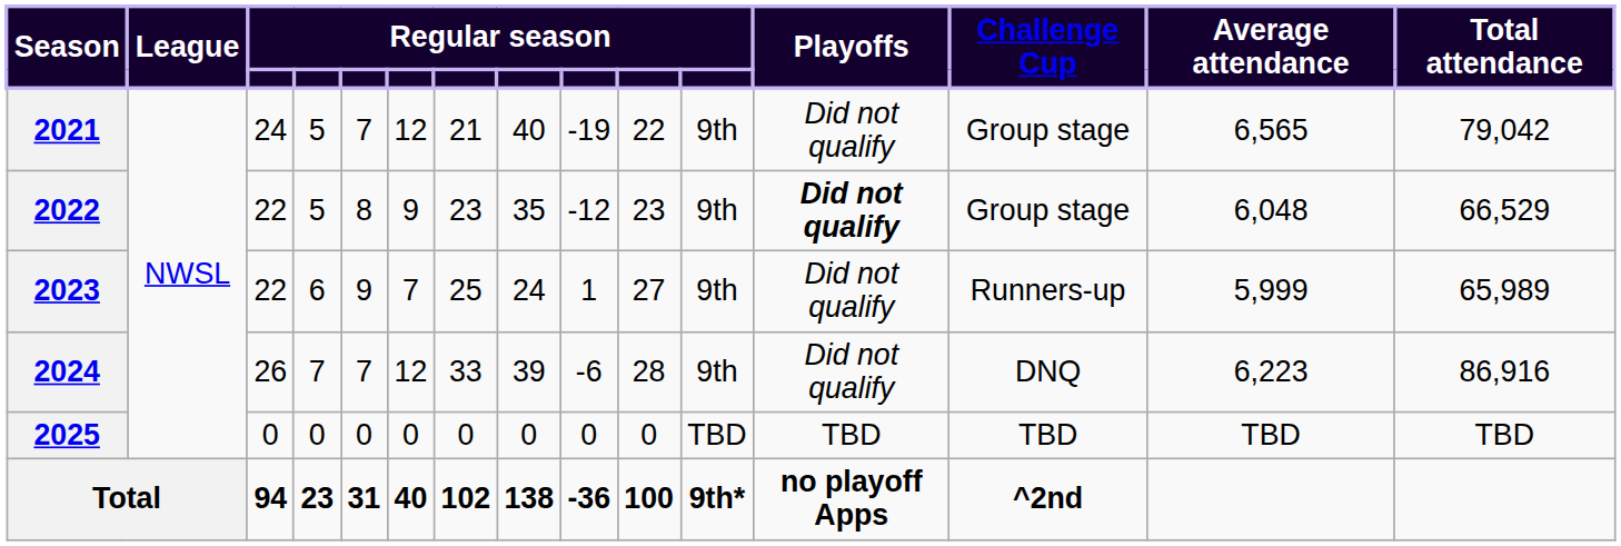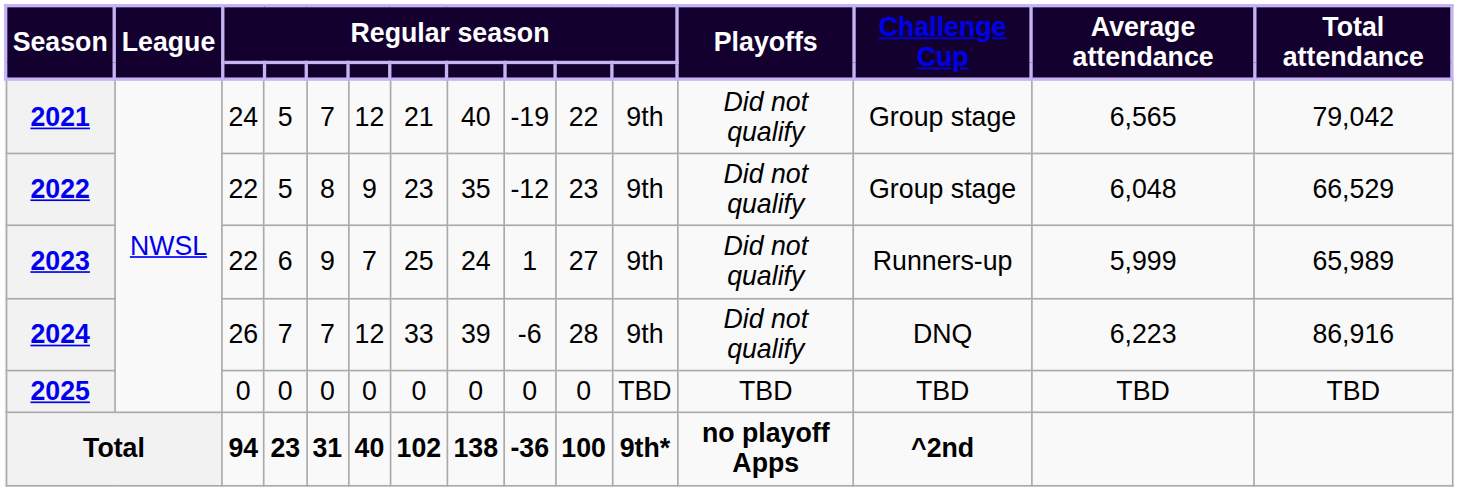 <table class="wikitable" style="text-align: center;">
 <tr>
 <th rowspan="2" style="background:#14002F; color:white; border:2px solid #C5B5F2;" scope="col">Season</th>
 <th rowspan="2" style="background:#14002F; color:white; border:2px solid #C5B5F2;" scope="col">League</th>
 <th colspan="9" style="background:#14002F; color:white; border:2px solid #C5B5F2;" scope="col">Regular season</th>
 <th rowspan="2" style="background:#14002F; color:white; border:2px solid #C5B5F2;" scope="col">Playoffs</th>
 <th rowspan="2" style="background:#14002F; color:white; border:2px solid #C5B5F2;" scope="col"><a href='#'><span>Challenge Cup</span></a></th>
 <th rowspan="2" style="background:#14002F; color:white; border:2px solid #C5B5F2;" scope="col">Average attendance</th>
 <th rowspan="2" style="background:#14002F; color:white; border:2px solid #C5B5F2;" scope="col">Total attendance</th>
 </tr>
 <tr>
 <th style="background:#14002F; color:white; border:2px solid #C5B5F2;" scope="col"></th>
 <th style="background:#14002F; color:white; border:2px solid #C5B5F2;" scope="col"></th>
 <th style="background:#14002F; color:white; border:2px solid #C5B5F2;" scope="col"></th>
 <th style="background:#14002F; color:white; border:2px solid #C5B5F2;" scope="col"></th>
 <th style="background:#14002F; color:white; border:2px solid #C5B5F2;" scope="col"></th>
 <th style="background:#14002F; color:white; border:2px solid #C5B5F2;" scope="col"></th>
 <th style="background:#14002F; color:white; border:2px solid #C5B5F2;" scope="col"></th>
 <th style="background:#14002F; color:white; border:2px solid #C5B5F2;" scope="col"></th>
 <th style="background:#14002F; color:white; border:2px solid #C5B5F2;" scope="col"></th>
 </tr>
 <tr>
 <th scope="row" style="text-align:center"><a href='#'>2021</a></th>
 <td rowspan="5"><a href='#'>NWSL</a></td>
 <td>24</td>
 <td>5</td>
 <td>7</td>
 <td>12</td>
 <td>21</td>
 <td>40</td>
 <td>-19</td>
 <td>22</td>
 <td>9th</td>
 <td><em>Did not qualify</em></td>
 <td>Group stage</td>
 <td>6,565</td>
 <td>79,042</td>
 </tr>
 <tr>
 <th scope="row" style="text-align:center"><a href='#'>2022</a></th>
 <td>22</td>
 <td>5</td>
 <td>8</td>
 <td>9</td>
 <td>23</td>
 <td>35</td>
 <td>-12</td>
 <td>23</td>
 <td>9th</td>
-<td><strong><em>Did not qualify</em></strong></td>
+<td><em>Did not qualify</em></td>
 <td>Group stage</td>
 <td>6,048</td>
 <td>66,529</td>
 </tr>
 <tr>
 <th scope="row" style="text-align:center"><a href='#'>2023</a></th>
 <td>22</td>
 <td>6</td>
 <td>9</td>
 <td>7</td>
 <td>25</td>
 <td>24</td>
 <td>1</td>
 <td>27</td>
 <td>9th</td>
 <td><em>Did not qualify</em></td>
 <td>Runners-up</td>
 <td>5,999</td>
 <td>65,989</td>
 </tr>
 <tr>
 <th><a href='#'>2024</a></th>
 <td>26</td>
 <td>7</td>
 <td>7</td>
 <td>12</td>
 <td>33</td>
 <td>39</td>
 <td>-6</td>
 <td>28</td>
 <td>9th</td>
 <td><em>Did not qualify</em></td>
 <td>DNQ</td>
 <td>6,223</td>
 <td>86,916</td>
 </tr>
 <tr>
 <th><a href='#'>2025</a></th>
 <td>0</td>
 <td>0</td>
 <td>0</td>
 <td>0</td>
 <td>0</td>
 <td>0</td>
 <td>0</td>
 <td>0</td>
 <td>TBD</td>
 <td>TBD</td>
 <td>TBD</td>
 <td>TBD</td>
 <td>TBD</td>
 </tr>
 <tr>
 <th colspan="2">Total</th>
 <td><strong>94</strong></td>
 <td><strong>23</strong></td>
 <td><strong>31</strong></td>
 <td><strong>40</strong></td>
 <td><strong>102</strong></td>
 <td><strong>138</strong></td>
 <td><strong>-36</strong></td>
 <td><strong>100</strong></td>
 <td><strong>9th*</strong></td>
 <td><strong>no playoff Apps</strong></td>
 <td><strong>^2nd</strong></td>
 <td></td>
 <td></td>
 </tr>
 </table>
